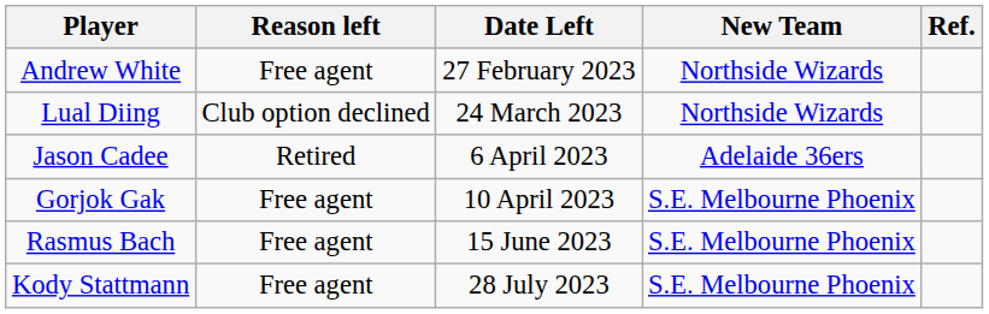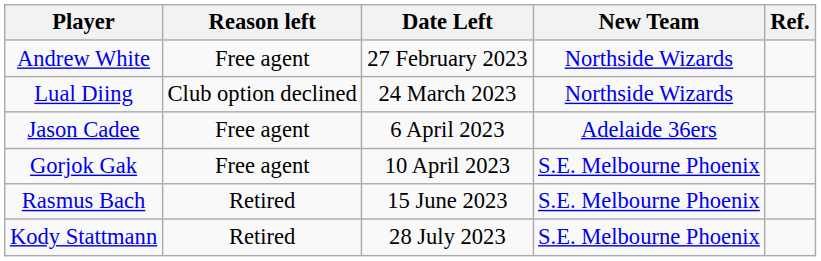 <table class="wikitable sortable sortable" style="text-align: center">
 <tr>
 <th>Player</th>
 <th>Reason left</th>
 <th>Date Left</th>
 <th>New Team</th>
 <th>Ref.</th>
 </tr>
 <tr>
 <td><a href='#'>Andrew White</a></td>
 <td>Free agent</td>
 <td>27 February 2023</td>
 <td><a href='#'>Northside Wizards</a></td>
 <td></td>
 </tr>
 <tr>
 <td><a href='#'>Lual Diing</a></td>
 <td>Club option declined</td>
 <td>24 March 2023</td>
 <td><a href='#'>Northside Wizards</a></td>
 <td></td>
 </tr>
 <tr>
 <td><a href='#'>Jason Cadee</a></td>
-<td>Retired</td>
+<td>Free agent</td>
 <td>6 April 2023</td>
 <td><a href='#'>Adelaide 36ers</a></td>
 <td></td>
 </tr>
 <tr>
 <td><a href='#'>Gorjok Gak</a></td>
 <td>Free agent</td>
 <td>10 April 2023</td>
 <td><a href='#'>S.E. Melbourne Phoenix</a></td>
 <td></td>
 </tr>
 <tr>
 <td><a href='#'>Rasmus Bach</a></td>
-<td>Free agent</td>
+<td>Retired</td>
 <td>15 June 2023</td>
 <td><a href='#'>S.E. Melbourne Phoenix</a></td>
 <td></td>
 </tr>
 <tr>
 <td><a href='#'>Kody Stattmann</a></td>
-<td>Free agent</td>
+<td>Retired</td>
 <td>28 July 2023</td>
 <td><a href='#'>S.E. Melbourne Phoenix</a></td>
 <td></td>
 </tr>
 </table>
